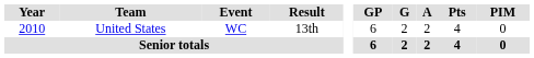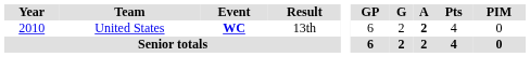 <table border="0" cellpadding="1" cellspacing="0" style="text-align:center; width:40em">
 <tr ALIGN="center" bgcolor="#e0e0e0">
 <th>Year</th>
 <th>Team</th>
 <th>Event</th>
 <th>Result</th>
 <th rowspan="99" bgcolor="#ffffff"> </th>
 <th>GP</th>
 <th>G</th>
 <th>A</th>
 <th>Pts</th>
 <th>PIM</th>
 </tr>
 <tr>
 <td><a href='#'>2010</a></td>
 <td><a href='#'>United States</a></td>
-<td><a href='#'>WC</a></td>
+<td><strong><a href='#'>WC</a></strong></td>
 <td>13th</td>
 <td>6</td>
 <td>2</td>
-<td>2</td>
+<td><strong>2</strong></td>
 <td>4</td>
 <td>0</td>
 </tr>
 <tr bgcolor="#e0e0e0">
 <th colspan=4>Senior totals</th>
 <th>6</th>
 <th>2</th>
 <th>2</th>
 <th>4</th>
 <th>0</th>
 </tr>
 </table>
